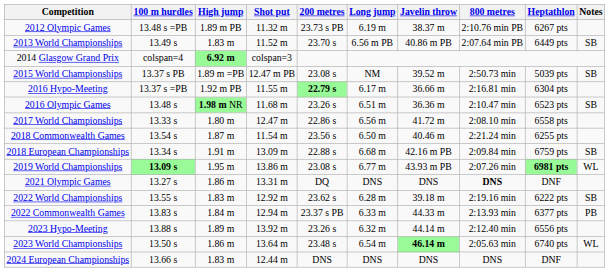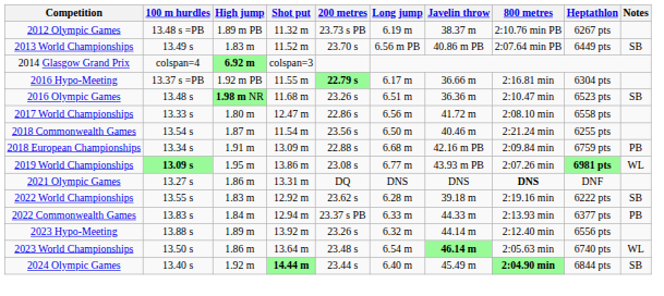 <table class="wikitable sortable" style="text-align:center">
 <tr>
 <th>Competition</th>
 <th><a href='#'>100 m hurdles</a></th>
 <th><a href='#'>High jump</a></th>
 <th><a href='#'>Shot put</a></th>
 <th><a href='#'>200 metres</a></th>
 <th><a href='#'>Long jump</a></th>
 <th><a href='#'>Javelin throw</a></th>
 <th><a href='#'>800 metres</a></th>
 <th><a href='#'>Heptathlon</a></th>
 <th>Notes</th>
 </tr>
 <tr>
 <td><a href='#'>2012 Olympic Games</a></td>
 <td>13.48 s =PB</td>
 <td>1.89 m PB</td>
 <td>11.32 m</td>
 <td>23.73 s PB</td>
 <td>6.19 m</td>
 <td>38.37 m</td>
 <td>2:10.76 min PB</td>
 <td>6267 pts</td>
 <td></td>
 </tr>
 <tr>
 <td><a href='#'>2013 World Championships</a></td>
 <td>13.49 s</td>
 <td>1.83 m</td>
 <td>11.52 m</td>
 <td>23.70 s</td>
 <td>6.56 m PB</td>
 <td>40.86 m PB</td>
 <td>2:07.64 min PB</td>
 <td>6449 pts</td>
 <td>SB</td>
 </tr>
 <tr>
 <td>2014 <a href='#'>Glasgow Grand Prix</a></td>
 <td>colspan=4 </td>
 <td bgcolor=#98fb98><strong>6.92 m</strong></td>
 <td>colspan=3 </td>
 <td></td>
-</tr>
-<tr>
-<td><a href='#'>2015 World Championships</a></td>
-<td>13.37 s PB</td>
-<td>1.89 m =PB</td>
-<td>12.47 m PB</td>
-<td>23.08 s</td>
-<td>NM</td>
-<td>39.52 m</td>
-<td>2:50.73 min</td>
-<td>5039 pts</td>
-<td>SB</td>
 </tr>
 <tr>
 <td><a href='#'>2016 Hypo-Meeting</a></td>
 <td>13.37 s =PB</td>
 <td>1.92 m PB</td>
 <td>11.55 m</td>
 <td bgcolor=#98fb98><strong>22.79 s</strong></td>
 <td>6.17 m</td>
 <td>36.66 m</td>
 <td>2:16.81 min</td>
 <td>6304 pts</td>
 <td></td>
 </tr>
 <tr>
 <td><a href='#'>2016 Olympic Games</a></td>
 <td>13.48 s</td>
 <td bgcolor=#98fb98><strong>1.98 m</strong> NR</td>
 <td>11.68 m</td>
 <td>23.26 s</td>
 <td>6.51 m</td>
 <td>36.36 m</td>
 <td>2:10.47 min</td>
 <td>6523 pts</td>
 <td>SB</td>
 </tr>
 <tr>
 <td><a href='#'>2017 World Championships</a></td>
 <td>13.33 s</td>
 <td>1.80 m</td>
 <td>12.47 m</td>
 <td>22.86 s</td>
 <td>6.56 m</td>
 <td>41.72 m</td>
 <td>2:08.10 min</td>
 <td>6558 pts</td>
 <td></td>
 </tr>
 <tr>
 <td><a href='#'>2018 Commonwealth Games</a></td>
 <td>13.54 s</td>
 <td>1.87 m</td>
 <td>11.54 m</td>
 <td>23.56 s</td>
 <td>6.50 m</td>
 <td>40.46 m</td>
 <td>2:21.24 min</td>
 <td>6255 pts</td>
 <td></td>
 </tr>
 <tr>
 <td><a href='#'>2018 European Championships</a></td>
 <td>13.34 s</td>
 <td>1.91 m</td>
 <td>13.09 m</td>
 <td>22.88 s</td>
 <td>6.68 m</td>
 <td>42.16 m PB</td>
 <td>2:09.84 min</td>
 <td>6759 pts</td>
-<td>SB</td>
+<td>PB</td>
 </tr>
 <tr>
 <td><a href='#'>2019 World Championships</a></td>
 <td bgcolor=#98fb98><strong>13.09 s</strong></td>
 <td>1.95 m</td>
 <td>13.86 m</td>
 <td>23.08 s</td>
 <td>6.77 m</td>
 <td>43.93 m PB</td>
 <td>2:07.26 min</td>
 <td bgcolor=#98fb98><strong>6981 pts</strong></td>
 <td>WL </td>
 </tr>
 <tr>
 <td><a href='#'>2021 Olympic Games</a></td>
 <td>13.27 s</td>
 <td>1.86 m</td>
 <td>13.31 m</td>
 <td>DQ</td>
 <td>DNS</td>
 <td>DNS</td>
 <td><strong>DNS</strong></td>
 <td>DNF</td>
 <td></td>
 </tr>
 <tr>
 <td><a href='#'>2022 World Championships</a></td>
 <td>13.55 s</td>
 <td>1.83 m</td>
 <td>12.92 m</td>
 <td>23.62 s</td>
 <td>6.28 m</td>
 <td>39.18 m</td>
 <td>2:19.16 min</td>
 <td>6222 pts</td>
 <td>SB</td>
 </tr>
 <tr>
 <td><a href='#'>2022 Commonwealth Games</a></td>
 <td>13.83 s</td>
 <td>1.84 m</td>
 <td>12.94 m</td>
 <td>23.37 s PB</td>
 <td>6.33 m</td>
 <td>44.33 m</td>
 <td>2:13.93 min</td>
 <td>6377 pts</td>
 <td>PB</td>
 </tr>
 <tr>
 <td><a href='#'>2023 Hypo-Meeting</a></td>
 <td>13.88 s</td>
 <td>1.89 m</td>
 <td>13.92 m</td>
 <td>23.26 s</td>
 <td>6.32 m</td>
 <td>44.14 m</td>
 <td>2:12.40 min</td>
 <td>6556 pts</td>
 <td></td>
 </tr>
 <tr>
 <td><a href='#'>2023 World Championships</a></td>
 <td>13.50 s</td>
 <td>1.86 m</td>
 <td>13.64 m</td>
 <td>23.48 s</td>
 <td>6.54 m</td>
 <td bgcolor=#98fb98><strong>46.14 m</strong></td>
 <td>2:05.63 min</td>
 <td>6740 pts</td>
 <td>WL </td>
 </tr>
 <tr>
-<td><a href='#'>2024 European Championships</a></td>
-<td>13.66 s</td>
-<td>1.83 m</td>
-<td>12.44 m</td>
-<td>DNS</td>
-<td>DNS</td>
-<td>DNS</td>
-<td>DNS</td>
-<td>DNF</td>
-<td></td>
+<td><a href='#'>2024 Olympic Games</a></td>
+<td>13.40 s</td>
+<td>1.92 m</td>
+<td bgcolor=#98fb98><strong>14.44 m</strong></td>
+<td>23.44 s</td>
+<td>6.40 m</td>
+<td>45.49 m</td>
+<td bgcolor=#98fb98><strong>2:04.90 min</strong></td>
+<td>6844 pts</td>
+<td>SB</td>
 </tr>
 </table>
